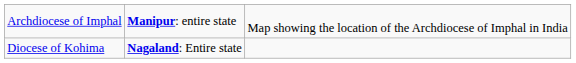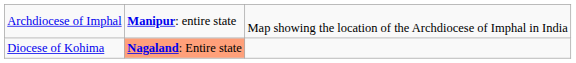 <table class="wikitable">
 <tr>
 <td><a href='#'>Archdiocese of Imphal</a></td>
 <td><strong><a href='#'>Manipur</a></strong>: entire state</td>
 <td><br>Map showing the location of the Archdiocese of Imphal in India</td>
 </tr>
 <tr>
 <td><a href='#'>Diocese of Kohima</a></td>
-<td><strong><a href='#'>Nagaland</a></strong>: Entire state</td>
+<td style="background: lightsalmon;"><strong><a href='#'>Nagaland</a></strong>: Entire state</td>
 <td></td>
 </tr>
 </table>
